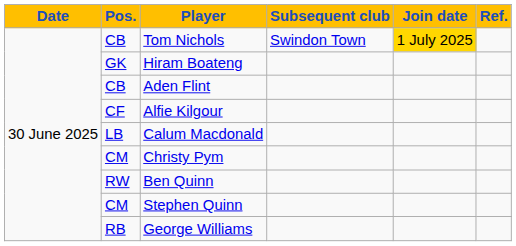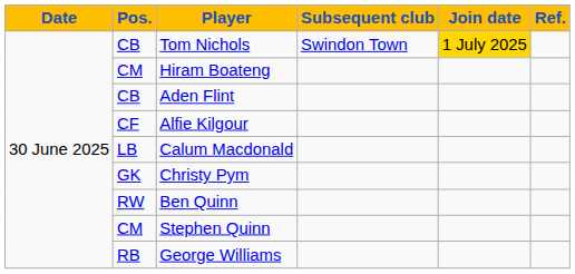 <table class="wikitable plainrowheaders sortable">
 <tr>
 <th style="background:#ffbf00;color:#1C4EBD ">Date</th>
 <th style="background:#ffbf00;color:#1C4EBD ">Pos.</th>
 <th style="background:#ffbf00;color:#1C4EBD ">Player</th>
 <th style="background:#ffbf00;color:#1C4EBD ">Subsequent club</th>
 <th style="background:#ffbf00;color:#1C4EBD ">Join date</th>
 <th style="background:#ffbf00;color:#1C4EBD ">Ref.</th>
 </tr>
 <tr>
 <td rowspan="9">30 June 2025</td>
 <td><a href='#'>CB</a></td>
 <td> <a href='#'>Tom Nichols</a></td>
 <td> <a href='#'>Swindon Town</a></td>
 <td style="background: gold;">1 July 2025</td>
 <td></td>
 </tr>
 <tr>
-<td><a href='#'>GK</a></td>
+<td><a href='#'>CM</a></td>
 <td> <a href='#'>Hiram Boateng</a></td>
 <td></td>
 <td></td>
 <td></td>
 </tr>
 <tr>
 <td><a href='#'>CB</a></td>
 <td> <a href='#'>Aden Flint</a></td>
 <td></td>
 <td></td>
 <td></td>
 </tr>
 <tr>
 <td><a href='#'>CF</a></td>
 <td> <a href='#'>Alfie Kilgour</a></td>
 <td></td>
 <td></td>
 <td></td>
 </tr>
 <tr>
 <td><a href='#'>LB</a></td>
 <td> <a href='#'>Calum Macdonald</a></td>
 <td></td>
 <td></td>
 <td></td>
 </tr>
 <tr>
-<td><a href='#'>CM</a></td>
+<td><a href='#'>GK</a></td>
 <td> <a href='#'>Christy Pym</a></td>
 <td></td>
 <td></td>
 <td></td>
 </tr>
 <tr>
 <td><a href='#'>RW</a></td>
 <td> <a href='#'>Ben Quinn</a></td>
 <td></td>
 <td></td>
 <td></td>
 </tr>
 <tr>
 <td><a href='#'>CM</a></td>
 <td> <a href='#'>Stephen Quinn</a></td>
 <td></td>
 <td></td>
 <td></td>
 </tr>
 <tr>
 <td><a href='#'>RB</a></td>
 <td> <a href='#'>George Williams</a></td>
 <td></td>
 <td></td>
 <td></td>
 </tr>
 </table>
